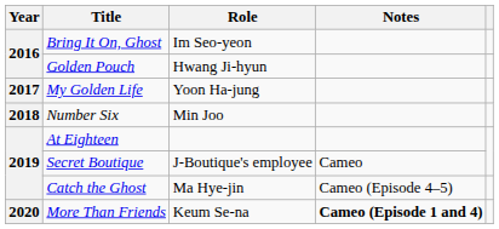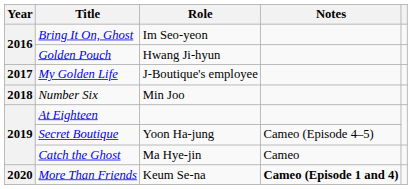 <table class="wikitable plainrowheaders sortable">
 <tr>
 <th scope="col">Year</th>
 <th scope="col">Title</th>
 <th scope="col">Role</th>
 <th scope="col">Notes</th>
 <th scope="col" class="unsortable"></th>
 </tr>
 <tr>
 <th scope="row" rowspan="2">2016</th>
 <td><em><a href='#'>Bring It On, Ghost</a></em></td>
 <td>Im Seo-yeon</td>
 <td></td>
 <td style="text-align:center"></td>
 </tr>
 <tr>
 <td><em><a href='#'>Golden Pouch</a></em></td>
 <td>Hwang Ji-hyun</td>
 <td></td>
 <td style="text-align:center"></td>
 </tr>
 <tr>
 <th scope="row">2017</th>
 <td><em><a href='#'>My Golden Life</a></em></td>
-<td>Yoon Ha-jung</td>
+<td>J-Boutique's employee</td>
 <td></td>
 <td style="text-align:center"></td>
 </tr>
 <tr>
 <th scope="row">2018</th>
 <td><em>Number Six</em></td>
 <td>Min Joo</td>
 <td></td>
 <td style="text-align:center"></td>
 </tr>
 <tr>
 <th scope="row" rowspan="3">2019</th>
 <td><em><a href='#'>At Eighteen</a></em></td>
 <td></td>
 <td></td>
 <td rowspan="2" style="text-align:center"></td>
 </tr>
 <tr>
 <td><em><a href='#'>Secret Boutique</a></em></td>
-<td>J-Boutique's employee</td>
-<td>Cameo</td>
+<td>Yoon Ha-jung</td>
+<td>Cameo (Episode 4–5)</td>
 </tr>
 <tr>
 <td><em><a href='#'>Catch the Ghost</a></em></td>
 <td>Ma Hye-jin</td>
-<td>Cameo (Episode 4–5)</td>
+<td>Cameo</td>
 <td style="text-align:center"></td>
 </tr>
 <tr>
 <th scope="row">2020</th>
 <td><em><a href='#'>More Than Friends</a></em></td>
 <td>Keum Se-na</td>
 <td><strong>Cameo (Episode 1 and 4)</strong></td>
 <td style="text-align:center"></td>
 </tr>
 </table>
